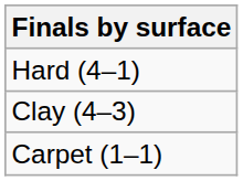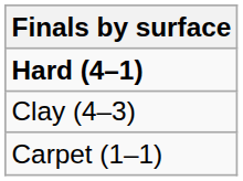 <table class=wikitable style=font-size:90%>
 <tr>
 <th>Finals by surface</th>
 </tr>
 <tr>
-<td>Hard (4–1)</td>
+<td><strong>Hard (4–1)</strong></td>
 </tr>
 <tr>
 <td>Clay (4–3)</td>
 </tr>
 <tr>
 <td>Carpet (1–1)</td>
 </tr>
 </table>
